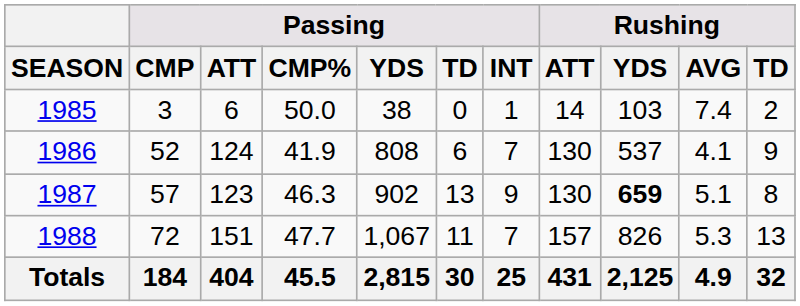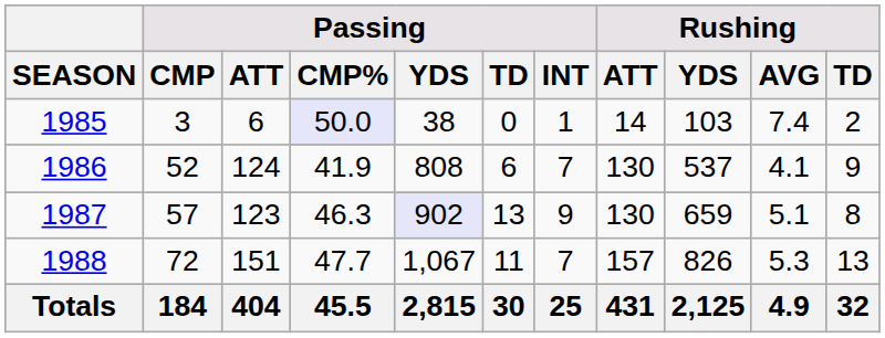 <table class=wikitable style="text-align:center">
 <tr>
 <th></th>
 <th colspan="6" style="background:#e7e3e7;">Passing</th>
 <th colspan="4" style="background:#e7e3e7;">Rushing</th>
 </tr>
 <tr>
 <th>SEASON</th>
 <th>CMP</th>
 <th>ATT</th>
 <th>CMP%</th>
 <th>YDS</th>
 <th>TD</th>
 <th>INT</th>
 <th>ATT</th>
 <th>YDS</th>
 <th>AVG</th>
 <th>TD</th>
 </tr>
 <tr>
 <td><a href='#'>1985</a></td>
 <td>3</td>
 <td>6</td>
-<td>50.0</td>
+<td style="background: lavender;">50.0</td>
 <td>38</td>
 <td>0</td>
 <td>1</td>
 <td>14</td>
 <td>103</td>
 <td>7.4</td>
 <td>2</td>
 </tr>
 <tr>
 <td><a href='#'>1986</a></td>
 <td>52</td>
 <td>124</td>
 <td>41.9</td>
 <td>808</td>
 <td>6</td>
 <td>7</td>
 <td>130</td>
 <td>537</td>
 <td>4.1</td>
 <td>9</td>
 </tr>
 <tr>
 <td><a href='#'>1987</a></td>
 <td>57</td>
 <td>123</td>
 <td>46.3</td>
-<td>902</td>
+<td style="background: lavender;">902</td>
 <td>13</td>
 <td>9</td>
 <td>130</td>
-<td><strong>659</strong></td>
+<td>659</td>
 <td>5.1</td>
 <td>8</td>
 </tr>
 <tr>
 <td><a href='#'>1988</a></td>
 <td>72</td>
 <td>151</td>
 <td>47.7</td>
 <td>1,067</td>
 <td>11</td>
 <td>7</td>
 <td>157</td>
 <td>826</td>
 <td>5.3</td>
 <td>13</td>
 </tr>
 <tr>
 <th>Totals</th>
 <th>184</th>
 <th>404</th>
 <th>45.5</th>
 <th>2,815</th>
 <th>30</th>
 <th>25</th>
 <th>431</th>
 <th>2,125</th>
 <th>4.9</th>
 <th>32</th>
 </tr>
 </table>
